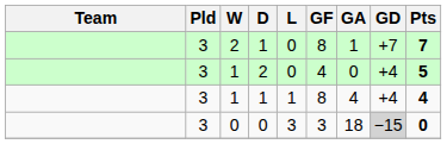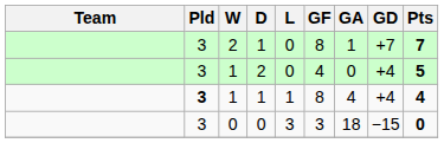 <table class="wikitable" style="text-align:center;">
 <tr>
 <th width=165>Team</th>
 <th width=20>Pld</th>
 <th width=20>W</th>
 <th width=20>D</th>
 <th width=20>L</th>
 <th width=20>GF</th>
 <th width=20>GA</th>
 <th width=20>GD</th>
 <th width=20>Pts</th>
 </tr>
 <tr style="background:#ccffcc;">
 <td style="text-align:left;"><strong></strong></td>
 <td>3</td>
 <td>2</td>
 <td>1</td>
 <td>0</td>
 <td>8</td>
 <td>1</td>
 <td>+7</td>
 <td><strong>7</strong></td>
 </tr>
 <tr style="background:#ccffcc;">
 <td style="text-align:left;"><strong></strong></td>
 <td>3</td>
 <td>1</td>
 <td>2</td>
 <td>0</td>
 <td>4</td>
 <td>0</td>
 <td>+4</td>
 <td><strong>5</strong></td>
 </tr>
 <tr>
 <td style="text-align:left;"></td>
-<td>3</td>
+<td><strong>3</strong></td>
 <td>1</td>
 <td>1</td>
 <td>1</td>
 <td>8</td>
 <td>4</td>
 <td>+4</td>
 <td><strong>4</strong></td>
 </tr>
 <tr>
 <td style="text-align:left;"></td>
 <td>3</td>
 <td>0</td>
 <td>0</td>
 <td>3</td>
 <td>3</td>
 <td>18</td>
-<td style="background: lightgrey;">−15</td>
+<td>−15</td>
 <td><strong>0</strong></td>
 </tr>
 <tr>
 </tr>
 </table>
